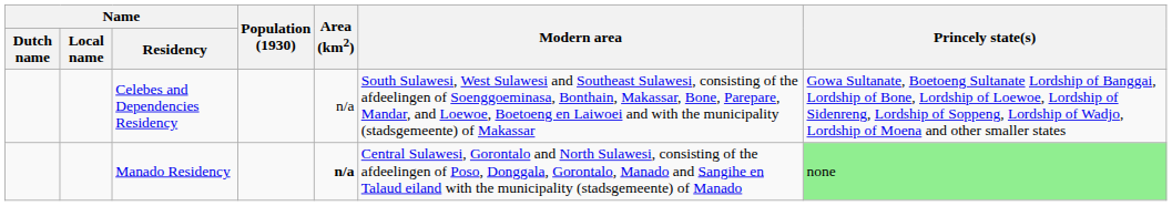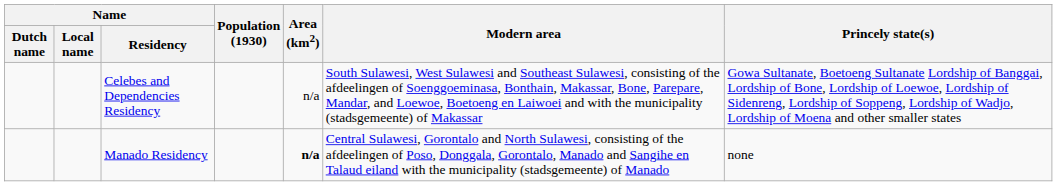 <table class=wikitable>
 <tr>
 <th colspan=3>Name</th>
 <th rowspan=2>Population<br>(1930)</th>
 <th rowspan=2>Area<br>(km<sup>2</sup>)</th>
 <th rowspan=2>Modern area</th>
 <th rowspan=2>Princely state(s)</th>
 </tr>
 <tr>
 <th>Dutch name</th>
 <th>Local name</th>
 <th>Residency</th>
 </tr>
 <tr>
 <td></td>
 <td></td>
 <td><a href='#'>Celebes and Dependencies Residency</a></td>
 <td align=right></td>
 <td align=right>n/a</td>
 <td><a href='#'>South Sulawesi</a>, <a href='#'>West Sulawesi</a> and <a href='#'>Southeast Sulawesi</a>, consisting of the afdeelingen of <a href='#'>Soenggoeminasa</a>, <a href='#'>Bonthain</a>, <a href='#'>Makassar</a>, <a href='#'>Bone</a>, <a href='#'>Parepare</a>, <a href='#'>Mandar</a>, and <a href='#'>Loewoe</a>, <a href='#'>Boetoeng en Laiwoei</a> and with the municipality (stadsgemeente) of <a href='#'>Makassar</a></td>
 <td><a href='#'>Gowa Sultanate</a>, <a href='#'>Boetoeng Sultanate</a> <a href='#'>Lordship of Banggai</a>, <a href='#'>Lordship of Bone</a>, <a href='#'>Lordship of Loewoe</a>, <a href='#'>Lordship of Sidenreng</a>, <a href='#'>Lordship of Soppeng</a>, <a href='#'>Lordship of Wadjo</a>, <a href='#'>Lordship of Moena</a> and other smaller states</td>
 </tr>
 <tr>
 <td></td>
 <td></td>
 <td><a href='#'>Manado Residency</a></td>
 <td align=right></td>
 <td align=right><strong>n/a</strong></td>
 <td><a href='#'>Central Sulawesi</a>, <a href='#'>Gorontalo</a> and <a href='#'>North Sulawesi</a>, consisting of the afdeelingen of <a href='#'>Poso</a>, <a href='#'>Donggala</a>, <a href='#'>Gorontalo</a>, <a href='#'>Manado</a> and <a href='#'>Sangihe en Talaud eiland</a> with the municipality (stadsgemeente) of <a href='#'>Manado</a></td>
-<td style="background: lightgreen;">none</td>
+<td>none</td>
 </tr>
 </table>
